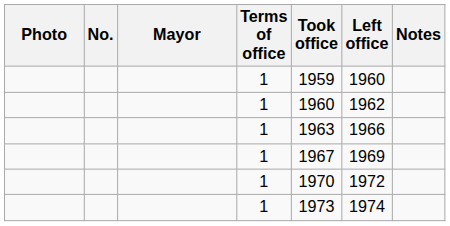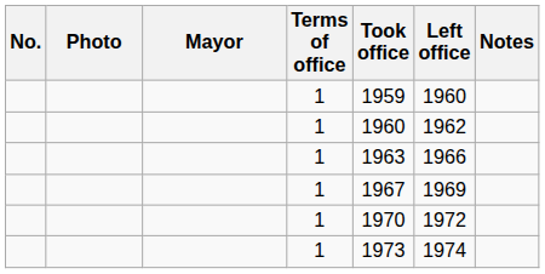 <table class="sortable wikitable" style="text-align:left; font-size:100%; width:70%;">
 <tr>
+<th width="4em">No.</th>
 <th width="75px">Photo</th>
-<th width="4em">No.</th>
 <th width="120px">Mayor<br></th>
 <th width="7em">Terms of office</th>
 <th width="6em">Took office</th>
 <th width="6em">Left office</th>
 <th>Notes</th>
 </tr>
 <tr align="center">
 <td></td>
 <td></td>
 <td></td>
 <td align="center">1</td>
 <td>1959</td>
 <td>1960</td>
 <td align="left"></td>
 </tr>
 <tr align="center">
 <td></td>
 <td></td>
 <td><br></td>
 <td align="center">1</td>
 <td>1960</td>
 <td>1962</td>
 <td align="left"></td>
 </tr>
 <tr align="center">
 <td></td>
 <td></td>
 <td></td>
 <td align="center">1</td>
 <td>1963</td>
 <td>1966</td>
 <td align="left"></td>
 </tr>
 <tr align="center">
 <td></td>
 <td></td>
 <td></td>
 <td align="center">1</td>
 <td>1967</td>
 <td>1969</td>
 <td align="left"></td>
 </tr>
 <tr align="center">
 <td></td>
 <td></td>
 <td></td>
 <td align="center">1</td>
 <td>1970</td>
 <td>1972</td>
 <td align="left"></td>
 </tr>
 <tr align="center">
 <td></td>
 <td></td>
 <td><br></td>
 <td align="center">1</td>
 <td>1973</td>
 <td>1974</td>
 <td align="left"></td>
 </tr>
 </table>
